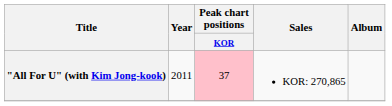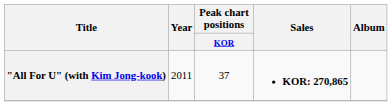 <table class="wikitable plainrowheaders" style="text-align:center;">
 <tr>
 <th rowspan="2" scope="col">Title</th>
 <th rowspan="2" scope="col">Year</th>
 <th colspan="1" scope="col" style="width:5em;">Peak chart positions</th>
 <th rowspan="2" scope="col">Sales</th>
 <th rowspan="2" scope="col">Album</th>
 </tr>
 <tr>
 <th><small><a href='#'>KOR</a></small><br></th>
 </tr>
 <tr>
 <th scope="row">"All For U" (with <a href='#'>Kim Jong-kook</a>)</th>
 <td>2011</td>
-<td style="background: pink;">37</td>
-<td><br><ul><li>KOR: 270,865</li></ul></td>
+<td>37</td>
+<td><strong><br><ul><li>KOR: 270,865</li></ul></strong></td>
 <td></td>
 </tr>
 <tr>
 </tr>
 </table>
